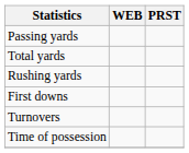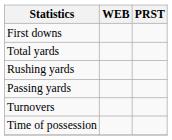 <table class="wikitable" style="float: left;">
 <tr>
 <th>Statistics</th>
 <th>WEB</th>
 <th>PRST</th>
 </tr>
 <tr>
-<td>Passing yards</td>
+<td>First downs</td>
 <td></td>
 <td></td>
 </tr>
 <tr>
 <td>Total yards</td>
 <td></td>
 <td></td>
 </tr>
 <tr>
 <td>Rushing yards</td>
 <td></td>
 <td></td>
 </tr>
 <tr>
-<td>First downs</td>
+<td>Passing yards</td>
 <td></td>
 <td></td>
 </tr>
 <tr>
 <td>Turnovers</td>
 <td></td>
 <td></td>
 </tr>
 <tr>
 <td>Time of possession</td>
 <td></td>
 <td></td>
 </tr>
 <tr>
 </tr>
 </table>
